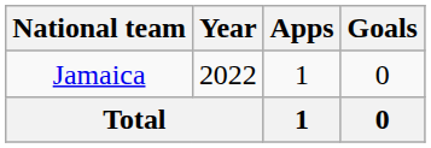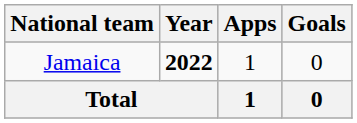 <table class="wikitable" style="text-align:center">
 <tr>
 <th>National team</th>
 <th>Year</th>
 <th>Apps</th>
 <th>Goals</th>
 </tr>
 <tr>
 <td><a href='#'>Jamaica</a></td>
-<td>2022</td>
+<td><strong>2022</strong></td>
 <td>1</td>
 <td>0</td>
 </tr>
 <tr>
 <th colspan="2">Total</th>
 <th>1</th>
 <th>0</th>
 </tr>
 </table>
